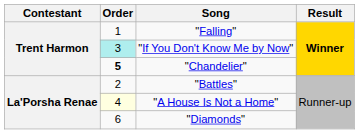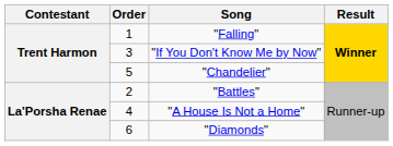 <table class="wikitable unsortable" style="text-align:center;">
 <tr>
 <th scope="col">Contestant</th>
 <th scope="col">Order</th>
 <th scope="col">Song</th>
 <th scope="col">Result</th>
 </tr>
 <tr>
 <th scope="row" rowspan="3">Trent Harmon</th>
 <td>1</td>
 <td>"<a href='#'>Falling</a>"</td>
 <td rowspan="3" bgcolor="gold"><strong>Winner</strong></td>
 </tr>
 <tr>
-<td style="background: paleturquoise;">3</td>
+<td>3</td>
 <td>"<a href='#'>If You Don't Know Me by Now</a>"</td>
 </tr>
 <tr>
-<td><strong>5</strong></td>
+<td>5</td>
 <td>"<a href='#'>Chandelier</a>"</td>
 </tr>
 <tr>
 <th scope="row" rowspan="3">La'Porsha Renae</th>
 <td>2</td>
 <td>"<a href='#'>Battles</a>"</td>
 <td rowspan="3" bgcolor="silver">Runner-up</td>
 </tr>
 <tr>
-<td style="background: lightyellow;">4</td>
+<td>4</td>
 <td>"<a href='#'>A House Is Not a Home</a>"</td>
 </tr>
 <tr>
 <td>6</td>
 <td>"<a href='#'>Diamonds</a>"</td>
 </tr>
 </table>
